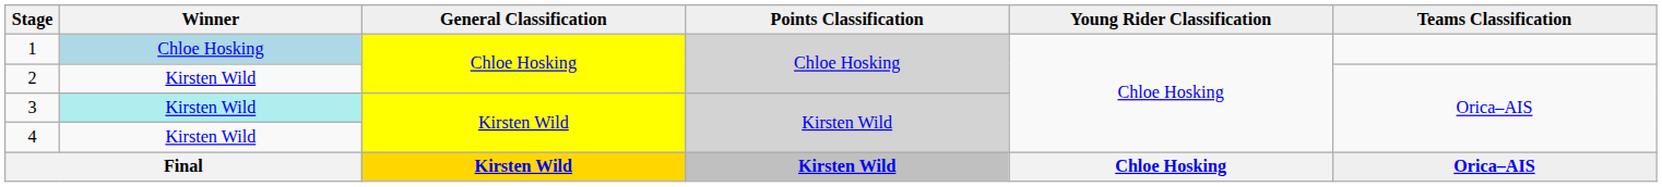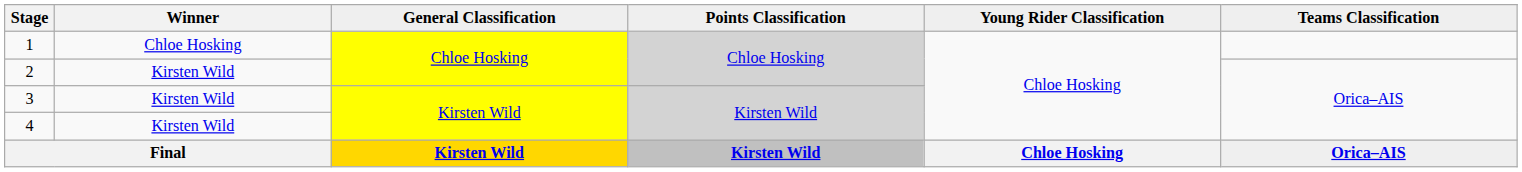 <table class="wikitable" style="text-align: center; font-size:smaller;">
 <tr style="background-color: #efefef;">
 <th width="1%">Stage</th>
 <th width="14%">Winner</th>
 <th style="background:#EFEFEF;" width="15%">General Classification<br></th>
 <th style="background:#EFEFEF;" width="15%">Points Classification<br></th>
 <th style="background:#EFEFEF"  width="15%">Young Rider Classification<br></th>
 <th style="background:#EFEFEF;" width="15%">Teams Classification</th>
 </tr>
 <tr>
 <td>1</td>
-<td style="background: lightblue;"><a href='#'>Chloe Hosking</a></td>
+<td><a href='#'>Chloe Hosking</a></td>
 <td style="background:yellow;" rowspan=2><a href='#'>Chloe Hosking</a></td>
 <td style="background:lightgrey;" rowspan=2><a href='#'>Chloe Hosking</a></td>
 <td style="background:offwhite;" rowspan=4><a href='#'>Chloe Hosking</a></td>
 <td></td>
 </tr>
 <tr>
 <td>2</td>
 <td><a href='#'>Kirsten Wild</a></td>
 <td rowspan=3><a href='#'>Orica–AIS</a></td>
 </tr>
 <tr>
 <td>3</td>
-<td style="background: paleturquoise;"><a href='#'>Kirsten Wild</a></td>
+<td><a href='#'>Kirsten Wild</a></td>
 <td style="background:yellow;" rowspan=2><a href='#'>Kirsten Wild</a></td>
 <td style="background:lightgrey;" rowspan=2><a href='#'>Kirsten Wild</a></td>
 </tr>
 <tr>
 <td>4</td>
 <td><a href='#'>Kirsten Wild</a></td>
 </tr>
 <tr>
 <th colspan=2><strong>Final</strong></th>
 <th style="background:gold;"><a href='#'>Kirsten Wild</a></th>
 <th style="background:silver;"><a href='#'>Kirsten Wild</a></th>
 <th style="background:offwhite;"><a href='#'>Chloe Hosking</a></th>
 <th style="background:#EFEFEF;"><a href='#'>Orica–AIS</a></th>
 </tr>
 </table>
